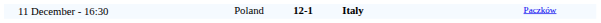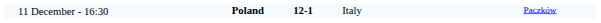 <table style="width: 100%; background:#F5FAFF;" cellspacing="0">
 <tr>
 <td align=center rowspan=3 width=20%>11 December - 16:30</td>
 </tr>
 <tr>
-<td width=24% align=right>Poland</td>
+<td width=24% align=right><strong>Poland</strong></td>
 <td align=center width=13%><strong>12-1</strong></td>
-<td width=24%><strong>Italy</strong></td>
+<td width=24%>Italy</td>
 <td style=font-size:85% rowspan=3 valign=top align=center><a href='#'>Paczków</a></td>
 </tr>
 <tr style=font-size:85%>
 <td align=right valign=top></td>
 <td></td>
 <td></td>
 </tr>
 </table>
